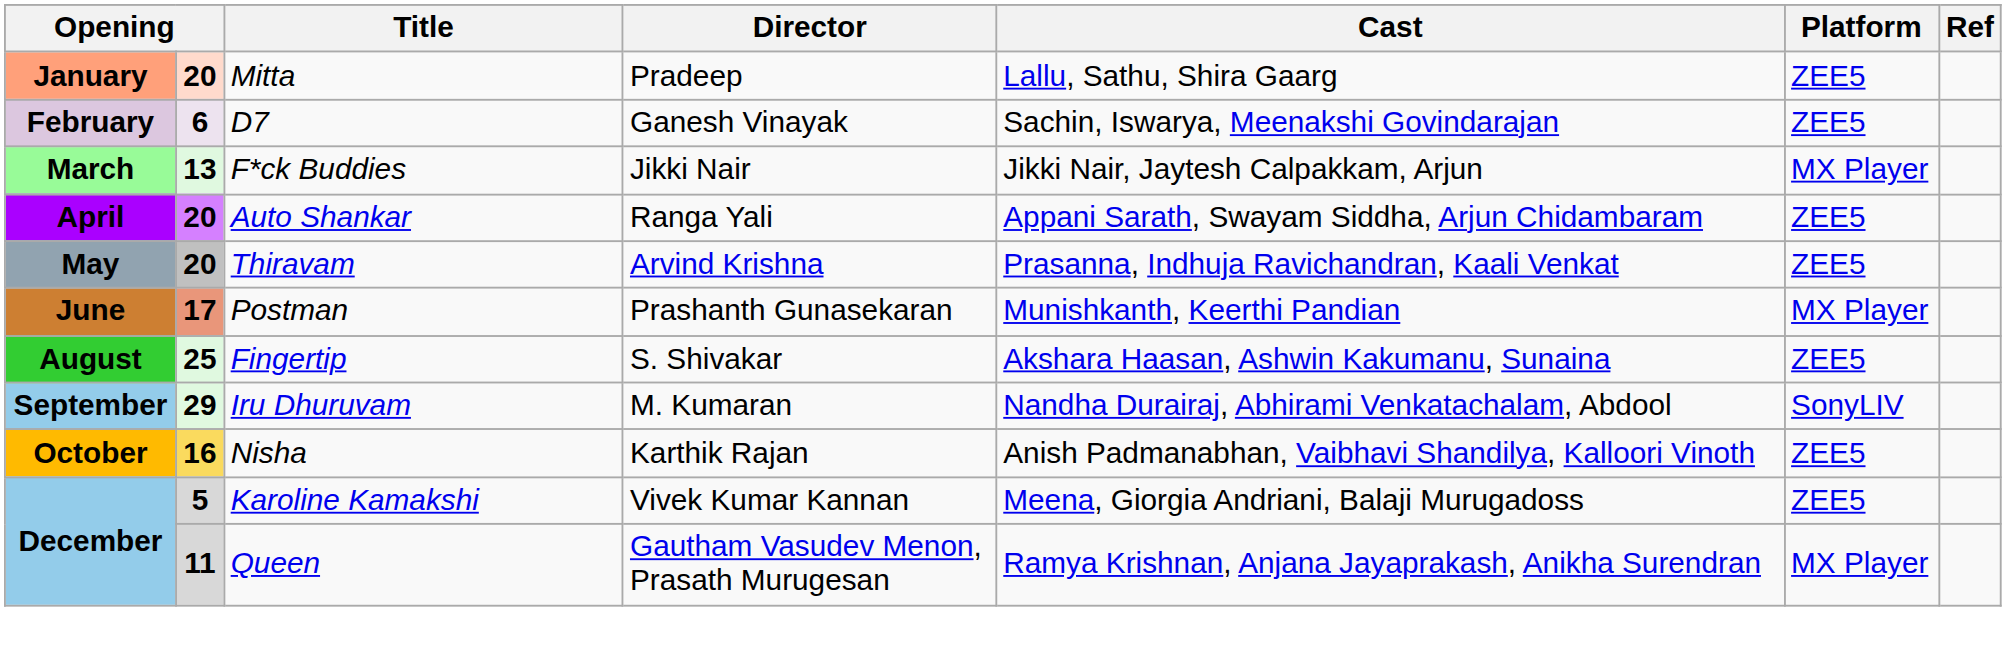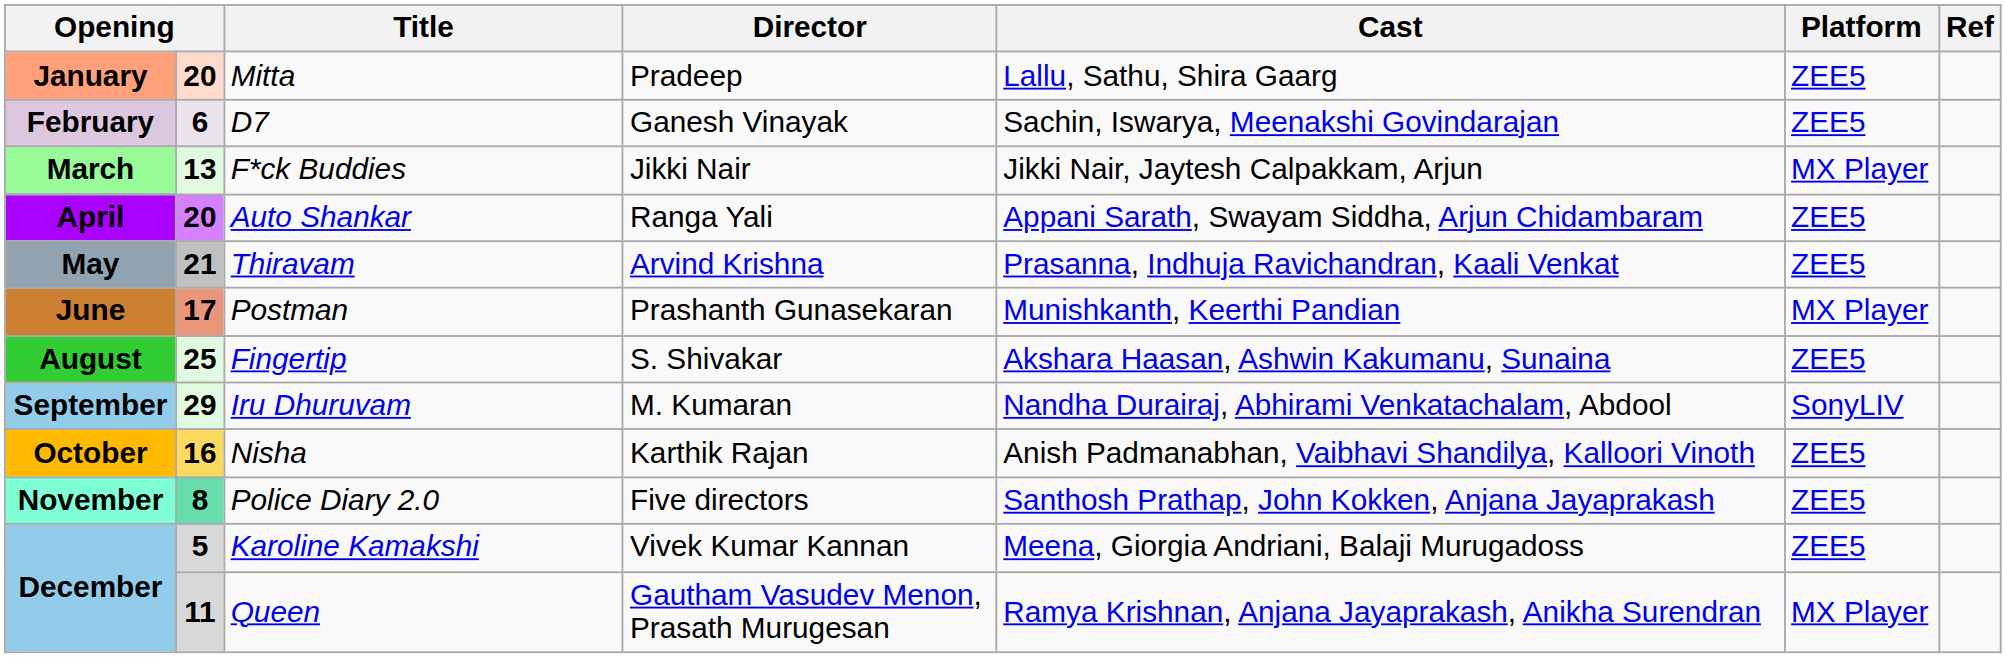 <table class="wikitable" width="85%">
 <tr>
 <th colspan="2">Opening</th>
 <th style="width:20%;">Title</th>
 <th>Director</th>
 <th>Cast</th>
 <th>Platform</th>
 <th>Ref</th>
 </tr>
 <tr>
 <td style="text-align:center; background:#ffa07a; textcolor:#000;"><strong>January</strong></td>
 <td style="text-align:center; background:#ffdacc;"><strong>20</strong></td>
 <td><em>Mitta</em></td>
 <td>Pradeep</td>
 <td><a href='#'>Lallu</a>, Sathu, Shira Gaarg</td>
 <td><a href='#'>ZEE5</a></td>
 <td></td>
 </tr>
 <tr>
 <td style="text-align:center; background:#dcc7df; textcolor:#000;"><strong>February</strong></td>
 <td style="text-align:center; background:#ede3ef;"><strong>6</strong></td>
 <td><em>D7</em></td>
 <td>Ganesh Vinayak</td>
 <td>Sachin, Iswarya, <a href='#'>Meenakshi Govindarajan</a></td>
 <td><a href='#'>ZEE5</a></td>
 <td></td>
 </tr>
 <tr>
 <td style="text-align:center; background:#98fb98; textcolor:#000;"><strong>March</strong></td>
 <td style="text-align:center; background:#e0f9e0;"><strong>13</strong></td>
 <td><em>F*ck Buddies</em></td>
 <td>Jikki Nair</td>
 <td>Jikki Nair, Jaytesh Calpakkam, Arjun</td>
 <td><a href='#'>MX Player</a></td>
 <td></td>
 </tr>
 <tr>
 <td style="text-align:center; background:#a0f; textcolor:#d580ff;"><strong>April</strong></td>
 <td style="text-align:center; background:#d580ff;"><strong>20</strong></td>
 <td><em><a href='#'>Auto Shankar</a></em></td>
 <td>Ranga Yali</td>
 <td><a href='#'>Appani Sarath</a>, Swayam Siddha, <a href='#'>Arjun Chidambaram</a></td>
 <td><a href='#'>ZEE5</a></td>
 <td></td>
 </tr>
 <tr>
 <td style="text-align:center; background:#91a3b0; textcolor:#000;"><strong>May</strong></td>
-<td style="text-align:center; background:silver;"><strong>20</strong></td>
+<td style="text-align:center; background:silver;"><strong>21</strong></td>
 <td><em><a href='#'>Thiravam</a></em></td>
 <td><a href='#'>Arvind Krishna</a></td>
 <td><a href='#'>Prasanna</a>, <a href='#'>Indhuja Ravichandran</a>, <a href='#'>Kaali Venkat</a></td>
 <td><a href='#'>ZEE5</a></td>
 <td></td>
 </tr>
 <tr>
 <td style="text-align:center; background:#cd7f32; textcolor:#000;"><strong>June</strong></td>
 <td style="text-align:center; background:#e9967a;"><strong>17</strong></td>
 <td><em>Postman</em></td>
 <td>Prashanth Gunasekaran</td>
 <td><a href='#'>Munishkanth</a>, <a href='#'>Keerthi Pandian</a></td>
 <td><a href='#'>MX Player</a></td>
 <td></td>
 </tr>
 <tr>
 <td style="text-align:center; background:#32cd32; textcolor:#000;"><strong>August</strong></td>
 <td style="text-align:center; background:#e0f9e0;"><strong>25</strong></td>
 <td><em><a href='#'>Fingertip</a></em></td>
 <td>S. Shivakar</td>
 <td><a href='#'>Akshara Haasan</a>, <a href='#'>Ashwin Kakumanu</a>, <a href='#'>Sunaina</a></td>
 <td><a href='#'>ZEE5</a></td>
 <td></td>
 </tr>
 <tr>
 <td style="text-align:center; background:#93ccea; textcolor:#000;"><strong>September</strong></td>
 <td style="text-align:center; background:#e0f9e0;"><strong>29</strong></td>
 <td><em><a href='#'>Iru Dhuruvam</a></em></td>
 <td>M. Kumaran</td>
 <td><a href='#'>Nandha Durairaj</a>, <a href='#'>Abhirami Venkatachalam</a>, Abdool</td>
 <td><a href='#'>SonyLIV</a></td>
 <td></td>
 </tr>
 <tr>
 <td style="text-align:center; background:#ffba00; textcolor:#000;"><strong>October</strong></td>
 <td style="text-align:center; background:#fada5e;"><strong>16</strong></td>
 <td><em>Nisha</em></td>
 <td>Karthik Rajan</td>
 <td>Anish Padmanabhan, <a href='#'>Vaibhavi Shandilya</a>, <a href='#'>Kalloori Vinoth</a></td>
 <td><a href='#'>ZEE5</a></td>
 <td></td>
 </tr>
 <tr>
+<td style="text-align:center; background:#7fffd4; textcolor:#000;"><strong>November</strong></td>
+<td style="text-align:center; background:#6da;"><strong>8</strong></td>
+<td><em>Police Diary 2.0</em></td>
+<td>Five directors</td>
+<td><a href='#'>Santhosh Prathap</a>, <a href='#'>John Kokken</a>, <a href='#'>Anjana Jayaprakash</a></td>
+<td><a href='#'>ZEE5</a></td>
+<td></td>
+</tr>
+<tr>
 <td rowspan="2" style="text-align:center; background:#93CCEA;"><strong>December</strong></td>
 <td style="text-align:center; background:#6da; background:#d8d8d8;"><strong>5</strong></td>
 <td><em><a href='#'>Karoline Kamakshi</a></em></td>
 <td>Vivek Kumar Kannan</td>
 <td><a href='#'>Meena</a>, Giorgia Andriani, Balaji Murugadoss</td>
 <td><a href='#'>ZEE5</a></td>
 <td></td>
 </tr>
 <tr>
 <td style="text-align:center; background:#6da; background:#d8d8d8;"><strong>11</strong></td>
 <td><em><a href='#'>Queen</a></em></td>
 <td><a href='#'>Gautham Vasudev Menon</a>, <br>Prasath Murugesan</td>
 <td><a href='#'>Ramya Krishnan</a>, <a href='#'>Anjana Jayaprakash</a>, <a href='#'>Anikha Surendran</a></td>
 <td><a href='#'>MX Player</a></td>
 <td></td>
 </tr>
 </table>
